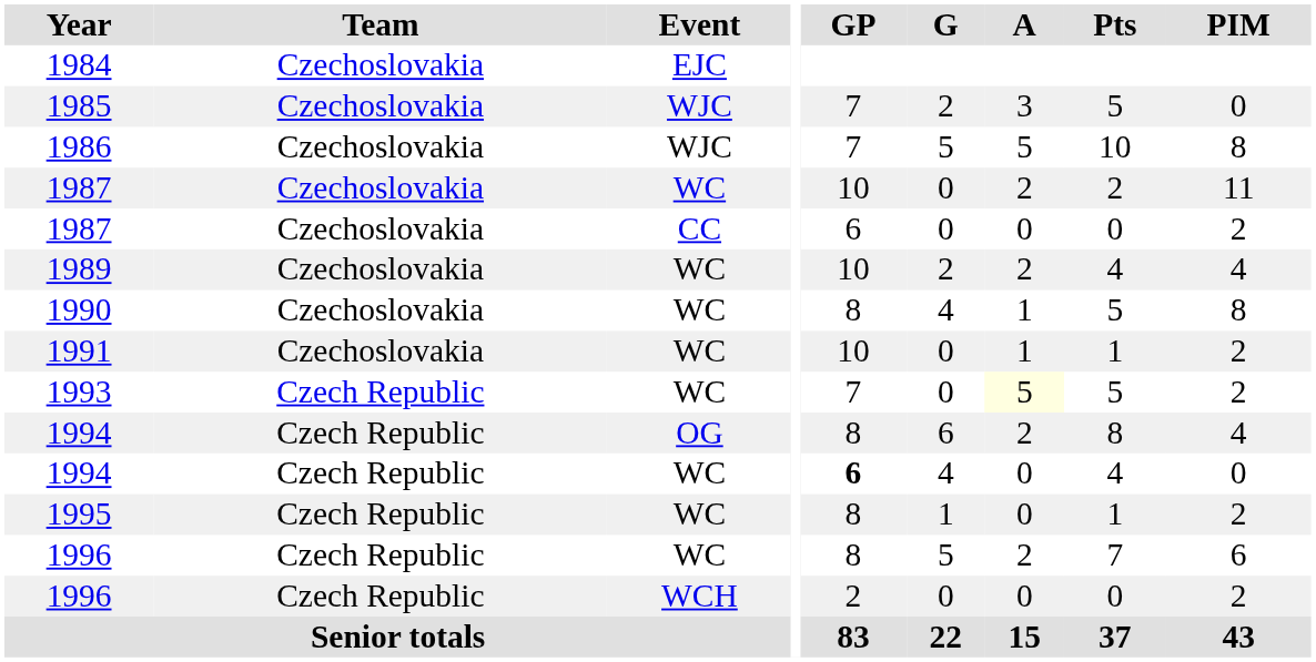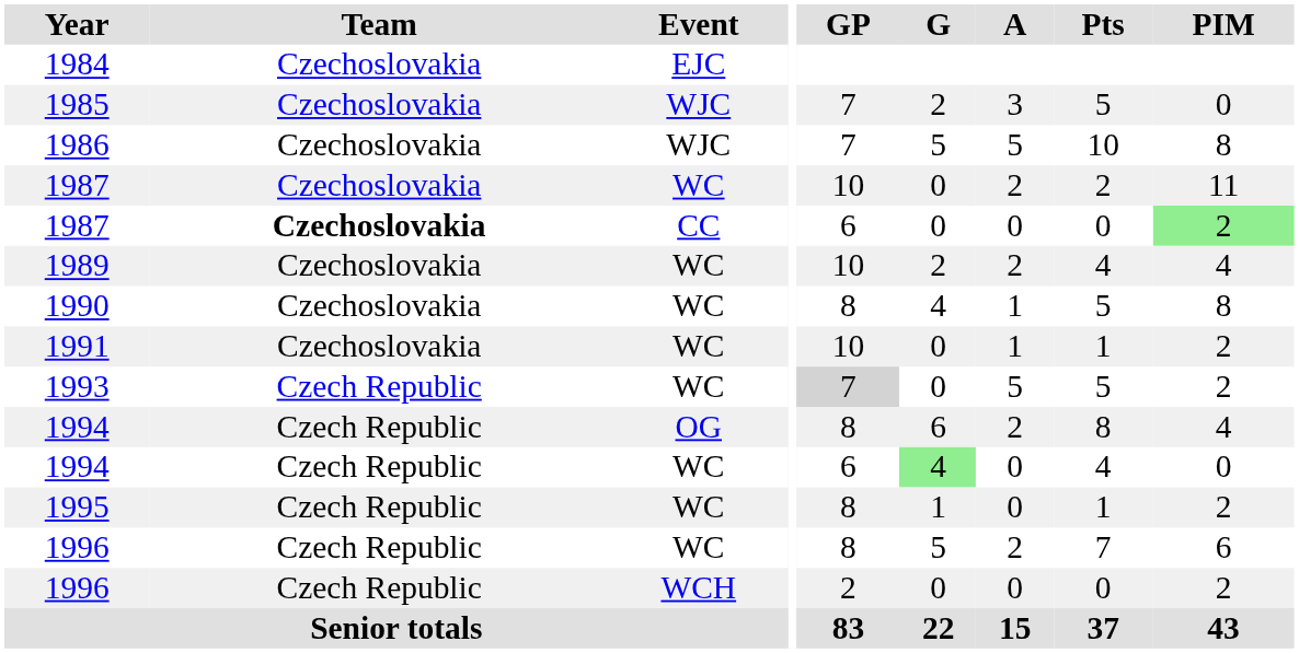 <table border="0" cellpadding="1" cellspacing="0" ID="Table3" style="text-align:center; width:40em">
 <tr ALIGN="center" bgcolor="#e0e0e0">
 <th>Year</th>
 <th>Team</th>
 <th>Event</th>
 <th rowspan="99" bgcolor="#ffffff"></th>
 <th>GP</th>
 <th>G</th>
 <th>A</th>
 <th>Pts</th>
 <th>PIM</th>
 </tr>
 <tr>
 <td><a href='#'>1984</a></td>
 <td><a href='#'>Czechoslovakia</a></td>
 <td><a href='#'>EJC</a></td>
 <td></td>
 <td></td>
 <td></td>
 <td></td>
 <td></td>
 </tr>
 <tr bgcolor="#f0f0f0">
 <td><a href='#'>1985</a></td>
 <td><a href='#'>Czechoslovakia</a></td>
 <td><a href='#'>WJC</a></td>
 <td>7</td>
 <td>2</td>
 <td>3</td>
 <td>5</td>
 <td>0</td>
 </tr>
 <tr>
 <td><a href='#'>1986</a></td>
 <td>Czechoslovakia</td>
 <td>WJC</td>
 <td>7</td>
 <td>5</td>
 <td>5</td>
 <td>10</td>
 <td>8</td>
 </tr>
 <tr bgcolor="#f0f0f0">
 <td><a href='#'>1987</a></td>
 <td><a href='#'>Czechoslovakia</a></td>
 <td><a href='#'>WC</a></td>
 <td>10</td>
 <td>0</td>
 <td>2</td>
 <td>2</td>
 <td>11</td>
 </tr>
 <tr>
 <td><a href='#'>1987</a></td>
-<td>Czechoslovakia</td>
+<td><strong>Czechoslovakia</strong></td>
 <td><a href='#'>CC</a></td>
 <td>6</td>
 <td>0</td>
 <td>0</td>
 <td>0</td>
-<td>2</td>
+<td style="background: lightgreen;">2</td>
 </tr>
 <tr bgcolor="#f0f0f0">
 <td><a href='#'>1989</a></td>
 <td>Czechoslovakia</td>
 <td>WC</td>
 <td>10</td>
 <td>2</td>
 <td>2</td>
 <td>4</td>
 <td>4</td>
 </tr>
 <tr>
 <td><a href='#'>1990</a></td>
 <td>Czechoslovakia</td>
 <td>WC</td>
 <td>8</td>
 <td>4</td>
 <td>1</td>
 <td>5</td>
 <td>8</td>
 </tr>
 <tr bgcolor="#f0f0f0">
 <td><a href='#'>1991</a></td>
 <td>Czechoslovakia</td>
 <td>WC</td>
 <td>10</td>
 <td>0</td>
 <td>1</td>
 <td>1</td>
 <td>2</td>
 </tr>
 <tr>
 <td><a href='#'>1993</a></td>
 <td><a href='#'>Czech Republic</a></td>
 <td>WC</td>
-<td>7</td>
+<td style="background: lightgrey;">7</td>
 <td>0</td>
-<td style="background: lightyellow;">5</td>
+<td>5</td>
 <td>5</td>
 <td>2</td>
 </tr>
 <tr bgcolor="#f0f0f0">
 <td><a href='#'>1994</a></td>
 <td>Czech Republic</td>
 <td><a href='#'>OG</a></td>
 <td>8</td>
 <td>6</td>
 <td>2</td>
 <td>8</td>
 <td>4</td>
 </tr>
 <tr>
 <td><a href='#'>1994</a></td>
 <td>Czech Republic</td>
 <td>WC</td>
-<td><strong>6</strong></td>
-<td>4</td>
+<td>6</td>
+<td style="background: lightgreen;">4</td>
 <td>0</td>
 <td>4</td>
 <td>0</td>
 </tr>
 <tr bgcolor="#f0f0f0">
 <td><a href='#'>1995</a></td>
 <td>Czech Republic</td>
 <td>WC</td>
 <td>8</td>
 <td>1</td>
 <td>0</td>
 <td>1</td>
 <td>2</td>
 </tr>
 <tr>
 <td><a href='#'>1996</a></td>
 <td>Czech Republic</td>
 <td>WC</td>
 <td>8</td>
 <td>5</td>
 <td>2</td>
 <td>7</td>
 <td>6</td>
 </tr>
 <tr bgcolor="#f0f0f0">
 <td><a href='#'>1996</a></td>
 <td>Czech Republic</td>
 <td><a href='#'>WCH</a></td>
 <td>2</td>
 <td>0</td>
 <td>0</td>
 <td>0</td>
 <td>2</td>
 </tr>
 <tr bgcolor="#e0e0e0">
 <th colspan="3">Senior totals</th>
 <th>83</th>
 <th>22</th>
 <th>15</th>
 <th>37</th>
 <th>43</th>
 </tr>
 </table>
